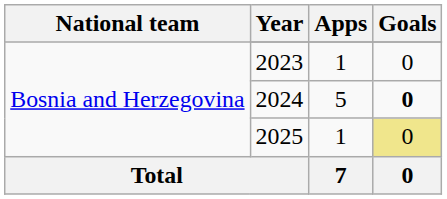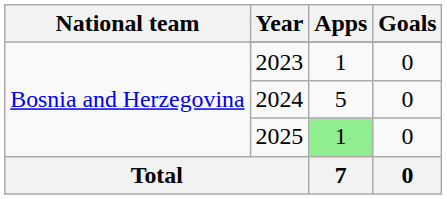 <table class="wikitable" style="text-align:center">
 <tr>
 <th>National team</th>
 <th>Year</th>
 <th>Apps</th>
 <th>Goals</th>
 </tr>
 <tr>
 <td rowspan=4><a href='#'>Bosnia and Herzegovina</a></td>
 </tr>
 <tr>
 <td>2023</td>
 <td>1</td>
 <td>0</td>
 </tr>
 <tr>
 <td>2024</td>
 <td>5</td>
-<td><strong>0</strong></td>
+<td>0</td>
 </tr>
 <tr>
 <td>2025</td>
-<td>1</td>
-<td style="background: khaki;">0</td>
+<td style="background: lightgreen;">1</td>
+<td>0</td>
 </tr>
 <tr>
 <th colspan=2>Total</th>
 <th>7</th>
 <th>0</th>
 </tr>
 </table>
